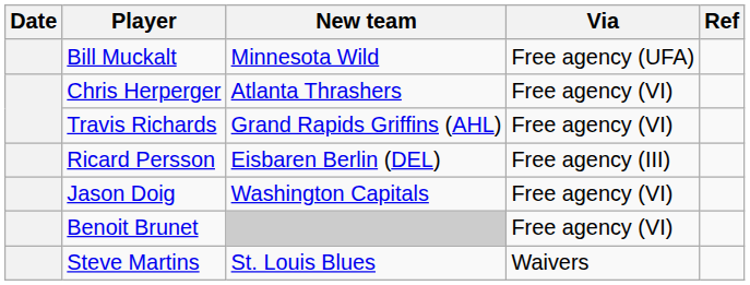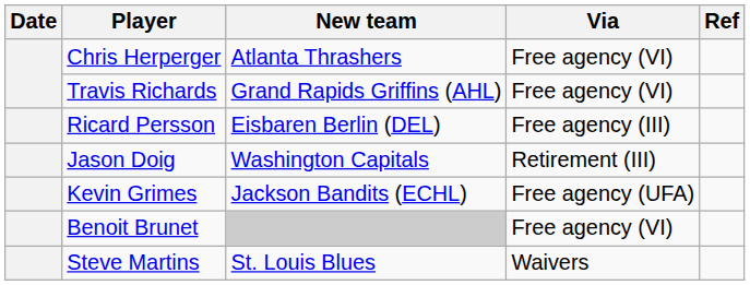 <table class="wikitable plainrowheaders">
 <tr style="background:#ddd; text-align:center;">
 <th>Date</th>
 <th>Player</th>
 <th>New team</th>
 <th>Via</th>
 <th>Ref</th>
-</tr>
-<tr>
-<th scope="row"></th>
-<td><a href='#'>Bill Muckalt</a></td>
-<td><a href='#'>Minnesota Wild</a></td>
-<td>Free agency (UFA)</td>
-<td></td>
 </tr>
 <tr>
 <th scope="row" rowspan=2></th>
 <td><a href='#'>Chris Herperger</a></td>
 <td><a href='#'>Atlanta Thrashers</a></td>
 <td>Free agency (VI)</td>
 <td></td>
 </tr>
 <tr>
 <td><a href='#'>Travis Richards</a></td>
 <td><a href='#'>Grand Rapids Griffins</a> (<a href='#'>AHL</a>)</td>
 <td>Free agency (VI)</td>
 <td></td>
 </tr>
 <tr>
 <th scope="row"></th>
 <td><a href='#'>Ricard Persson</a></td>
 <td><a href='#'>Eisbaren Berlin</a> (<a href='#'>DEL</a>)</td>
 <td>Free agency (III)</td>
 <td></td>
 </tr>
 <tr>
 <th scope="row"></th>
 <td><a href='#'>Jason Doig</a></td>
 <td><a href='#'>Washington Capitals</a></td>
-<td>Free agency (VI)</td>
+<td>Retirement (III)</td>
+<td></td>
+</tr>
+<tr>
+<th scope="row"></th>
+<td><a href='#'>Kevin Grimes</a></td>
+<td><a href='#'>Jackson Bandits</a> (<a href='#'>ECHL</a>)</td>
+<td>Free agency (UFA)</td>
 <td></td>
 </tr>
 <tr>
 <th scope="row"></th>
 <td><a href='#'>Benoit Brunet</a></td>
 <td style="background:#ccc"></td>
 <td>Free agency (VI)</td>
 <td></td>
 </tr>
 <tr>
 <th scope="row"></th>
 <td><a href='#'>Steve Martins</a></td>
 <td><a href='#'>St. Louis Blues</a></td>
 <td>Waivers</td>
 <td></td>
 </tr>
 </table>
